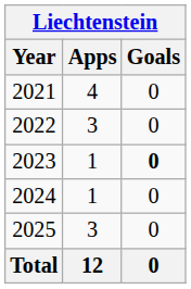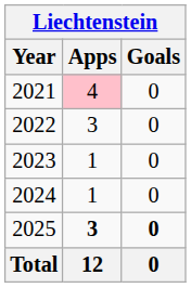 <table class="wikitable" style="text-align:center">
 <tr>
 <th colspan="5"><a href='#'>Liechtenstein</a></th>
 </tr>
 <tr>
 <th>Year</th>
 <th>Apps</th>
 <th>Goals</th>
 </tr>
 <tr>
 <td>2021</td>
-<td>4</td>
+<td style="background: pink;">4</td>
 <td>0</td>
 </tr>
 <tr>
 <td>2022</td>
 <td>3</td>
 <td>0</td>
 </tr>
 <tr>
 <td>2023</td>
 <td>1</td>
-<td><strong>0</strong></td>
+<td>0</td>
 </tr>
 <tr>
 <td>2024</td>
 <td>1</td>
 <td>0</td>
 </tr>
 <tr>
 <td>2025</td>
-<td>3</td>
-<td>0</td>
+<td><strong>3</strong></td>
+<td><strong>0</strong></td>
 </tr>
 <tr>
 <th colspan="1">Total</th>
 <th>12</th>
 <th>0</th>
 </tr>
 </table>
